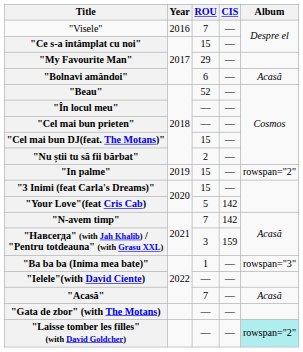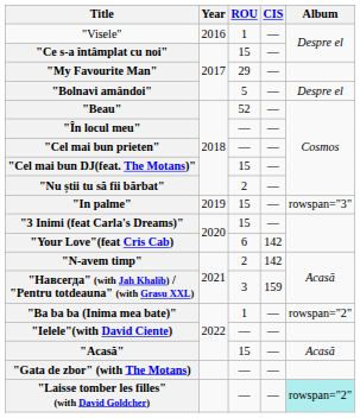 <table class="sortable wikitable plainrowheaders" style="text-align:center;">
 <tr>
 <th>Title</th>
 <th>Year</th>
 <th><a href='#'>ROU</a></th>
 <th><a href='#'>CIS</a></th>
 <th>Album</th>
 </tr>
 <tr>
 <td scope="row">"Visele"</td>
 <td>2016</td>
-<td>7</td>
+<td>1</td>
 <td>—</td>
 <td rowspan="2"><em>Despre el</em></td>
 </tr>
 <tr>
 <th scope="row">"Ce s-a întâmplat cu noi"</th>
 <td rowspan="3">2017</td>
 <td>15</td>
 <td>—</td>
 </tr>
 <tr>
 <th scope="row">"My Favourite Man"</th>
 <td>29</td>
 <td>—</td>
 <td></td>
 </tr>
 <tr>
 <th scope="row">"Bolnavi amândoi"</th>
-<td>6</td>
+<td>5</td>
 <td>—</td>
-<td rowspan="1"><em>Acasă</em></td>
+<td><em>Despre el</em></td>
 </tr>
 <tr>
 <th scope="row">"Beau"</th>
 <td rowspan="5">2018</td>
 <td>52</td>
 <td>—</td>
 <td rowspan="5"><em>Cosmos</em></td>
 </tr>
 <tr>
 <th scope="row">"În locul meu"</th>
 <td>—</td>
 <td>—</td>
 </tr>
 <tr>
 <th scope="row">"Cel mai bun prieten"</th>
 <td>—</td>
 <td>—</td>
 </tr>
 <tr>
 <th scope="row">"Cel mai bun DJ(feat. <a href='#'>The Motans</a>)"</th>
 <td>15</td>
 <td>—</td>
 </tr>
 <tr>
 <th scope="row">"Nu știi tu să fii bărbat"</th>
 <td>2</td>
 <td>—</td>
 </tr>
 <tr>
 <th scope="row">"In palme"</th>
 <td>2019</td>
 <td>15</td>
 <td>—</td>
-<td>rowspan="2" </td>
+<td>rowspan="3" </td>
 </tr>
 <tr>
 <th scope="row">"3 Inimi (feat Carla's Dreams)"</th>
 <td rowspan="2">2020</td>
 <td>15</td>
 <td>—</td>
 </tr>
 <tr>
 <th scope="row">"Your Love"(feat <a href='#'>Cris Cab</a>)</th>
-<td>5</td>
+<td>6</td>
 <td>142</td>
 </tr>
 <tr>
 <th scope="row">"N-avem timp"</th>
 <td rowspan="2">2021</td>
-<td>7</td>
+<td>2</td>
 <td>142</td>
 <td rowspan="2"><em>Acasă</em></td>
 </tr>
 <tr>
 <th scope="row">"Навсегда" <small>(with <a href='#'>Jah Khalib</a>)</small> /<br>"Pentru totdeauna" <small>(with <a href='#'>Grasu XXL</a>)</small></th>
 <td>3</td>
 <td>159</td>
 </tr>
 <tr>
 <th scope="row">"Ba ba ba (Inima mea bate)"</th>
 <td rowspan="3">2022</td>
 <td>1</td>
 <td>—</td>
-<td>rowspan="3" </td>
+<td>rowspan="2" </td>
 </tr>
 <tr>
 <th scope="row">"Ielele"(with <a href='#'>David Ciente</a>)</th>
 <td>—</td>
 <td>—</td>
 </tr>
 <tr>
 <th scope="row">"Acasă"</th>
-<td>7</td>
+<td>15</td>
 <td>—</td>
 <td rowspan="1"><em>Acasă</em></td>
 </tr>
 <tr>
 <th scope="row">"Gata de zbor" (with <a href='#'>The Motans</a>)</th>
 <td></td>
 <td>—</td>
 <td>—</td>
 <td></td>
 </tr>
 <tr>
 <th scope="row">"Laisse tomber les filles" <br> <small>(with <a href='#'>David Goldcher</a>) </small></th>
 <td></td>
 <td>—</td>
 <td>—</td>
 <td style="background: paleturquoise;">rowspan="2" </td>
 </tr>
 </table>
